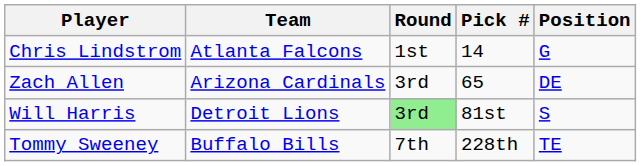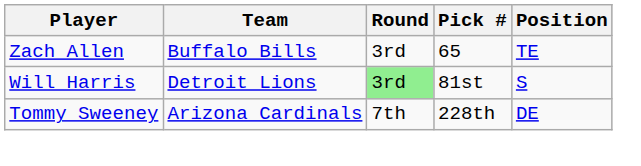 <table class="wikitable">
 <tr>
 <th>Player</th>
 <th>Team</th>
 <th>Round</th>
 <th>Pick #</th>
 <th>Position</th>
 </tr>
 <tr>
-<td><a href='#'>Chris Lindstrom</a></td>
-<td><a href='#'>Atlanta Falcons</a></td>
-<td>1st</td>
-<td>14</td>
-<td><a href='#'>G</a></td>
-</tr>
-<tr>
 <td><a href='#'>Zach Allen</a></td>
-<td><a href='#'>Arizona Cardinals</a></td>
+<td><a href='#'>Buffalo Bills</a></td>
 <td>3rd</td>
 <td>65</td>
-<td><a href='#'>DE</a></td>
+<td><a href='#'>TE</a></td>
 </tr>
 <tr>
 <td><a href='#'>Will Harris</a></td>
 <td><a href='#'>Detroit Lions</a></td>
 <td style="background: lightgreen;">3rd</td>
 <td>81st</td>
 <td><a href='#'>S</a></td>
 </tr>
 <tr>
 <td><a href='#'>Tommy Sweeney</a></td>
-<td><a href='#'>Buffalo Bills</a></td>
+<td><a href='#'>Arizona Cardinals</a></td>
 <td>7th</td>
 <td>228th</td>
-<td><a href='#'>TE</a></td>
+<td><a href='#'>DE</a></td>
 </tr>
 </table>
